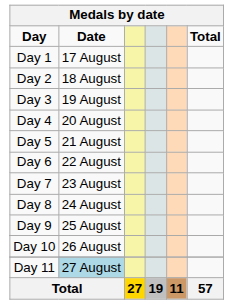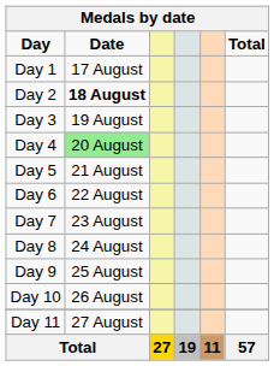 <table class=wikitable style="font-size:85%;float:right;clear:right;">
 <tr bgcolor=efefef>
 <th colspan=6>Medals by date</th>
 </tr>
 <tr align=center>
 <td><strong>Day</strong></td>
 <td><strong>Date</strong></td>
 <td bgcolor=#f7f6a8></td>
 <td bgcolor=#dce5e5></td>
 <td bgcolor=#ffdab9></td>
 <td><strong>Total</strong></td>
 </tr>
 <tr align=center>
 <td>Day 1</td>
 <td>17 August</td>
 <td bgcolor=F7F6A8></td>
 <td bgcolor=DCE5E5></td>
 <td bgcolor=FFDAB9></td>
 <td></td>
 </tr>
 <tr align=center>
 <td>Day 2</td>
-<td>18 August</td>
+<td><strong>18 August</strong></td>
 <td bgcolor=F7F6A8></td>
 <td bgcolor=DCE5E5></td>
 <td bgcolor=FFDAB9></td>
 <td></td>
 </tr>
 <tr align=center>
 <td>Day 3</td>
 <td>19 August</td>
 <td bgcolor=F7F6A8></td>
 <td bgcolor=DCE5E5></td>
 <td bgcolor=FFDAB9></td>
 <td></td>
 </tr>
 <tr align=center>
 <td>Day 4</td>
-<td>20 August</td>
+<td style="background: lightgreen;">20 August</td>
 <td bgcolor=F7F6A8></td>
 <td bgcolor=DCE5E5></td>
 <td bgcolor=FFDAB9></td>
 <td></td>
 </tr>
 <tr align=center>
 <td>Day 5</td>
 <td>21 August</td>
 <td bgcolor=F7F6A8></td>
 <td bgcolor=DCE5E5></td>
 <td bgcolor=FFDAB9></td>
 <td></td>
 </tr>
 <tr align=center>
 <td>Day 6</td>
 <td>22 August</td>
 <td bgcolor=F7F6A8></td>
 <td bgcolor=DCE5E5></td>
 <td bgcolor=FFDAB9></td>
 <td></td>
 </tr>
 <tr align=center>
 <td>Day 7</td>
 <td>23 August</td>
 <td bgcolor=F7F6A8></td>
 <td bgcolor=DCE5E5></td>
 <td bgcolor=FFDAB9></td>
 <td></td>
 </tr>
 <tr align=center>
 <td>Day 8</td>
 <td>24 August</td>
 <td bgcolor=F7F6A8></td>
 <td bgcolor=DCE5E5></td>
 <td bgcolor=FFDAB9></td>
 <td></td>
 </tr>
 <tr align=center>
 <td>Day 9</td>
 <td>25 August</td>
 <td bgcolor=F7F6A8></td>
 <td bgcolor=DCE5E5></td>
 <td bgcolor=FFDAB9></td>
 <td></td>
 </tr>
 <tr>
 </tr>
 <tr align=center>
 <td>Day 10</td>
 <td>26 August</td>
 <td bgcolor=F7F6A8></td>
 <td bgcolor=DCE5E5></td>
 <td bgcolor=FFDAB9></td>
 <td></td>
 </tr>
 <tr>
 </tr>
 <tr align=center>
 <td>Day 11</td>
-<td style="background: lightblue;">27 August</td>
+<td>27 August</td>
 <td bgcolor=F7F6A8></td>
 <td bgcolor=DCE5E5></td>
 <td bgcolor=FFDAB9></td>
 <td></td>
 </tr>
 <tr>
 <th colspan=2>Total</th>
 <th style="background:gold">27</th>
 <th style="background:silver">19</th>
 <th style="background:#c96">11</th>
 <th>57</th>
 </tr>
 </table>
